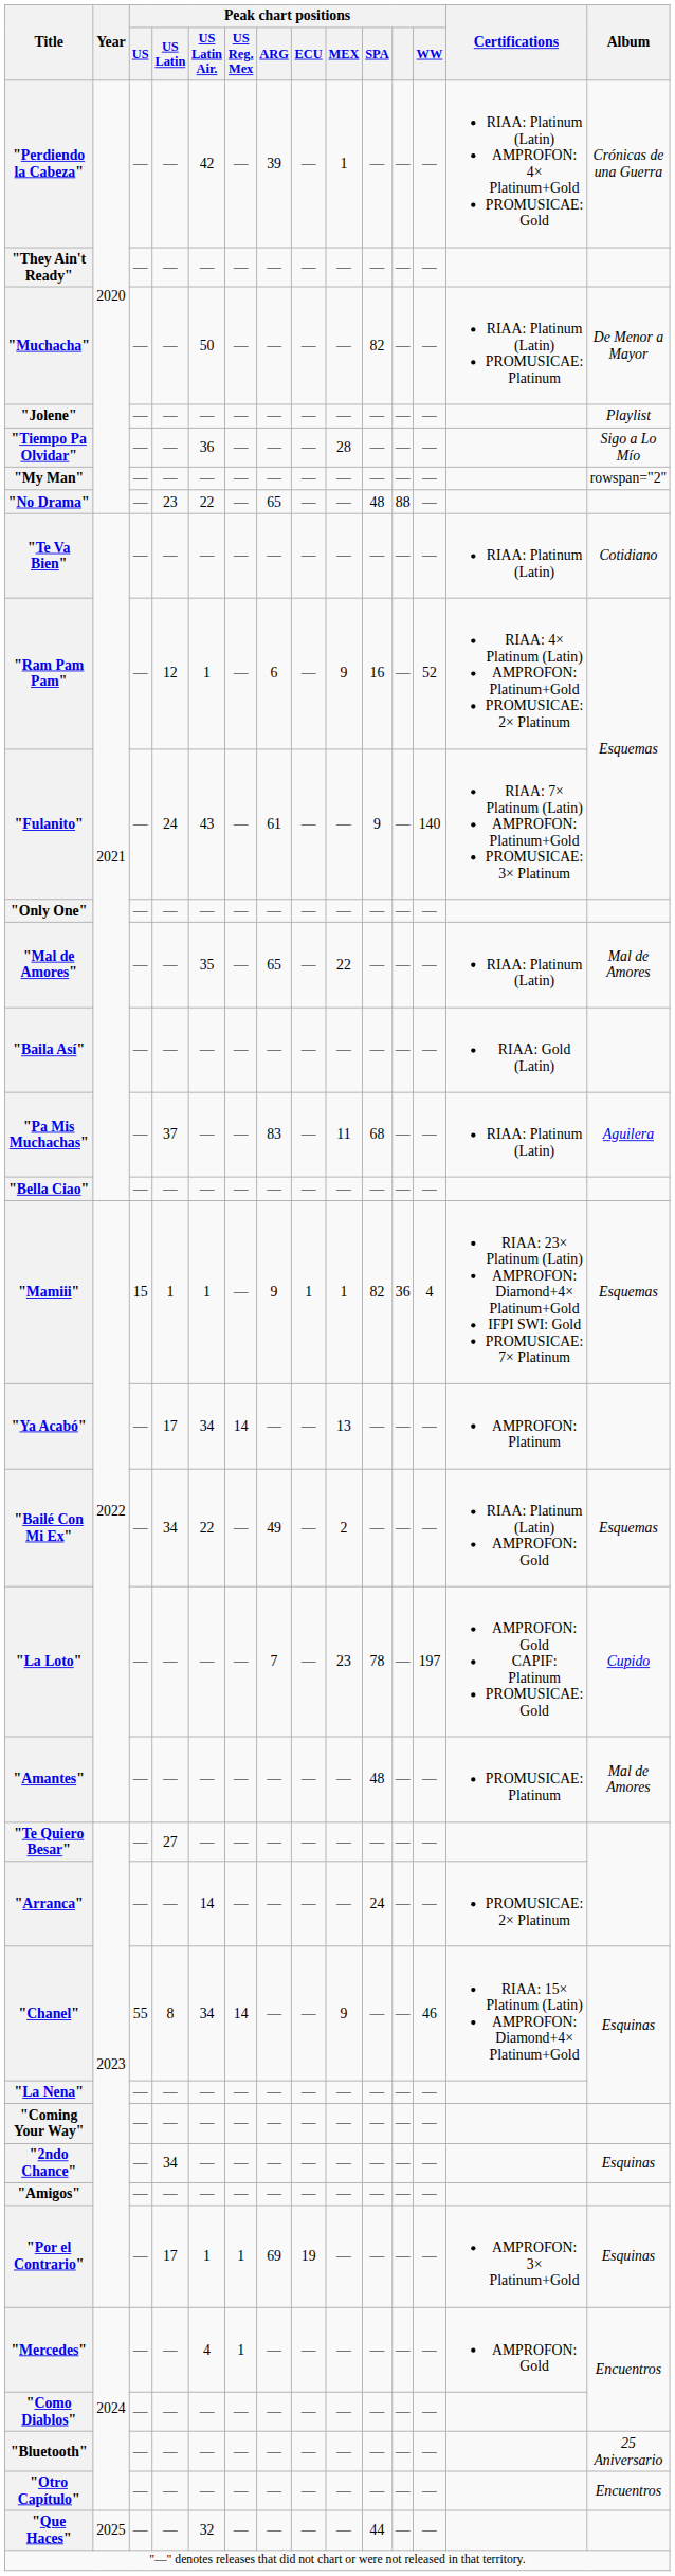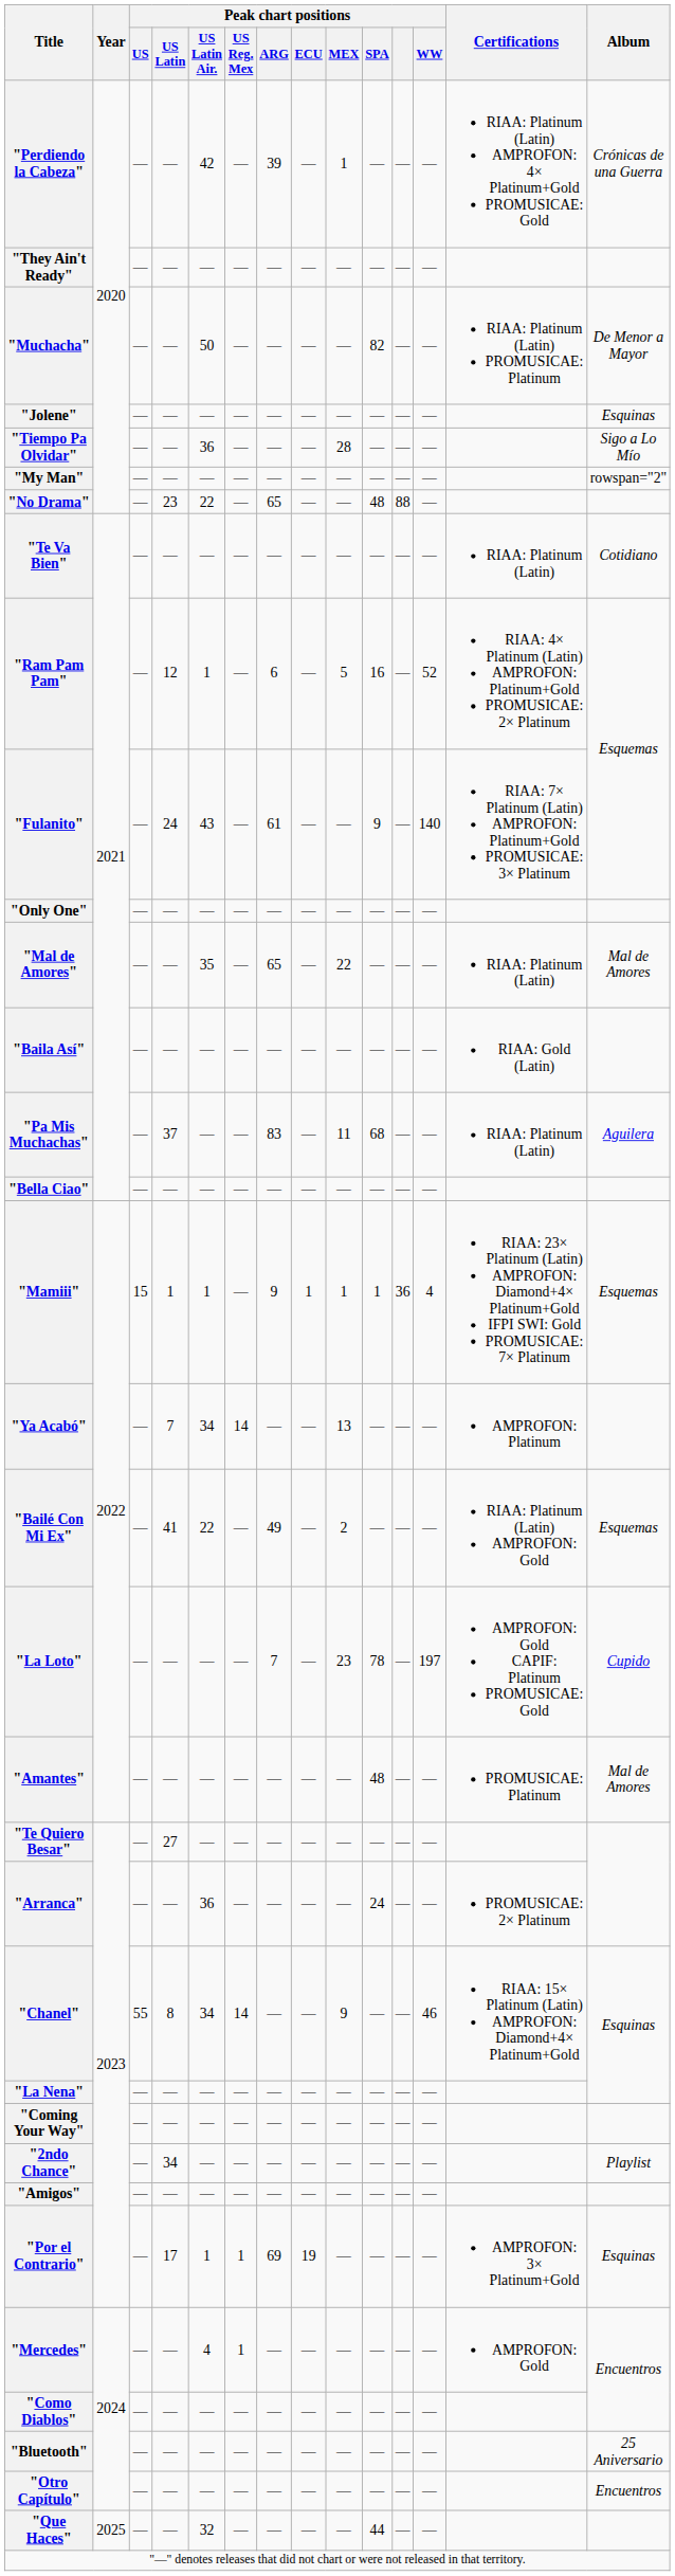 <table class="wikitable plainrowheaders" style="text-align:center;">
 <tr>
 <th scope="col" rowspan="2" style="width:16em;">Title</th>
 <th scope="col" rowspan="2" style="width:1em;">Year</th>
 <th scope="col" colspan="10">Peak chart positions</th>
 <th scope="col" rowspan="2" style="width:14em;"><a href='#'>Certifications</a></th>
 <th scope="col" rowspan="2">Album</th>
 </tr>
 <tr>
 <th scope="col" style="width:3em;font-size:90%;"><a href='#'>US</a><br></th>
 <th scope="col" style="width:3em;font-size:90%;"><a href='#'>US<br>Latin</a><br></th>
 <th scope="col" style="width:3em;font-size:90%;"><a href='#'>US<br>Latin<br>Air.</a><br></th>
 <th scope="col" style="width:3em;font-size:90%;"><a href='#'>US<br>Reg.<br>Mex</a><br></th>
 <th scope="col" style="width:3em;font-size:90%;"><a href='#'>ARG</a><br></th>
 <th scope="col" style="width:3em;font-size:90%;"><a href='#'>ECU</a><br></th>
 <th scope="col" style="width:3em;font-size:90%;"><a href='#'>MEX</a><br></th>
 <th scope="col" style="width:3em;font-size:90%;"><a href='#'>SPA</a><br></th>
 <th scope="col" style="width:3em;font-size:90%;"><a href='#'></a><br></th>
 <th scope="col" style="width:2.5em;font-size:90%;"><a href='#'>WW</a><br></th>
 </tr>
 <tr>
 <th scope="row">"<a href='#'>Perdiendo la Cabeza</a>"<br></th>
 <td rowspan="7">2020</td>
 <td>—</td>
 <td>—</td>
 <td>42</td>
 <td>—</td>
 <td>39</td>
 <td>—</td>
 <td>1</td>
 <td>—</td>
 <td>—</td>
 <td>—</td>
 <td><br><ul><li>RIAA: Platinum <span>(Latin)</span></li><li>AMPROFON: 4× Platinum+Gold</li><li>PROMUSICAE: Gold</li></ul></td>
 <td><em>Crónicas de una Guerra</em></td>
 </tr>
 <tr>
 <th scope="row">"They Ain't Ready"</th>
 <td>—</td>
 <td>—</td>
 <td>—</td>
 <td>—</td>
 <td>—</td>
 <td>—</td>
 <td>—</td>
 <td>—</td>
 <td>—</td>
 <td>—</td>
 <td></td>
 <td></td>
 </tr>
 <tr>
 <th scope="row">"<a href='#'>Muchacha</a>"<br></th>
 <td>—</td>
 <td>—</td>
 <td>50</td>
 <td>—</td>
 <td>—</td>
 <td>—</td>
 <td>—</td>
 <td>82</td>
 <td>—</td>
 <td>—</td>
 <td><br><ul><li>RIAA: Platinum <span>(Latin)</span></li><li>PROMUSICAE: Platinum</li></ul></td>
 <td><em>De Menor a Mayor</em></td>
 </tr>
 <tr>
 <th scope="row">"Jolene"<br></th>
 <td>—</td>
 <td>—</td>
 <td>—</td>
 <td>—</td>
 <td>—</td>
 <td>—</td>
 <td>—</td>
 <td>—</td>
 <td>—</td>
 <td>—</td>
 <td></td>
-<td><em>Playlist</em></td>
+<td><em>Esquinas</em></td>
 </tr>
 <tr>
 <th scope="row">"<a href='#'>Tiempo Pa Olvidar</a>"<br></th>
 <td>—</td>
 <td>—</td>
 <td>36</td>
 <td>—</td>
 <td>—</td>
 <td>—</td>
 <td>28</td>
 <td>—</td>
 <td>—</td>
 <td>—</td>
 <td></td>
 <td><em>Sigo a Lo Mío</em></td>
 </tr>
 <tr>
 <th scope="row">"My Man"</th>
 <td>—</td>
 <td>—</td>
 <td>—</td>
 <td>—</td>
 <td>—</td>
 <td>—</td>
 <td>—</td>
 <td>—</td>
 <td>—</td>
 <td>—</td>
 <td></td>
 <td>rowspan="2" </td>
 </tr>
 <tr>
 <th scope="row">"<a href='#'>No Drama</a>"<br></th>
 <td>—</td>
 <td>23</td>
 <td>22</td>
 <td>—</td>
 <td>65</td>
 <td>—</td>
 <td>—</td>
 <td>48</td>
 <td>88</td>
 <td>—</td>
 <td></td>
 </tr>
 <tr>
 <th scope="row">"<a href='#'>Te Va Bien</a>"<br></th>
 <td rowspan="8">2021</td>
 <td>—</td>
 <td>—</td>
 <td>—</td>
 <td>—</td>
 <td>—</td>
 <td>—</td>
 <td>—</td>
 <td>—</td>
 <td>—</td>
 <td>—</td>
 <td><br><ul><li>RIAA: Platinum <span>(Latin)</span></li></ul></td>
 <td><em>Cotidiano</em></td>
 </tr>
 <tr>
 <th scope="row">"<a href='#'>Ram Pam Pam</a>"<br></th>
 <td>—</td>
 <td>12</td>
 <td>1</td>
 <td>—</td>
 <td>6</td>
 <td>—</td>
-<td>9</td>
+<td>5</td>
 <td>16</td>
 <td>—</td>
 <td>52</td>
 <td><br><ul><li>RIAA: 4× Platinum <span>(Latin)</span></li><li>AMPROFON: Platinum+Gold</li><li>PROMUSICAE: 2× Platinum</li></ul></td>
 <td rowspan="2"><em>Esquemas</em></td>
 </tr>
 <tr>
 <th scope="row">"<a href='#'>Fulanito</a>"<br></th>
 <td>—</td>
 <td>24</td>
 <td>43</td>
 <td>—</td>
 <td>61</td>
 <td>—</td>
 <td>—</td>
 <td>9</td>
 <td>—</td>
 <td>140</td>
 <td><br><ul><li>RIAA: 7× Platinum <span>(Latin)</span></li><li>AMPROFON: Platinum+Gold</li><li>PROMUSICAE: 3× Platinum</li></ul></td>
 </tr>
 <tr>
 <th scope="row">"Only One"<br></th>
 <td>—</td>
 <td>—</td>
 <td>—</td>
 <td>—</td>
 <td>—</td>
 <td>—</td>
 <td>—</td>
 <td>—</td>
 <td>—</td>
 <td>—</td>
 <td></td>
 <td></td>
 </tr>
 <tr>
 <th scope="row">"<a href='#'>Mal de Amores</a>"<br></th>
 <td>—</td>
 <td>—</td>
 <td>35</td>
 <td>—</td>
 <td>65</td>
 <td>—</td>
 <td>22</td>
 <td>—</td>
 <td>—</td>
 <td>—</td>
 <td><br><ul><li>RIAA: Platinum <span>(Latin)</span></li></ul></td>
 <td><em>Mal de Amores</em></td>
 </tr>
 <tr>
 <th scope="row">"<a href='#'>Baila Así</a>"<br></th>
 <td>—</td>
 <td>—</td>
 <td>—</td>
 <td>—</td>
 <td>—</td>
 <td>—</td>
 <td>—</td>
 <td>—</td>
 <td>—</td>
 <td>—</td>
 <td><br><ul><li>RIAA: Gold <span>(Latin)</span></li></ul></td>
 <td></td>
 </tr>
 <tr>
 <th scope="row">"<a href='#'>Pa Mis Muchachas</a>"<br></th>
 <td>—</td>
 <td>37</td>
 <td>—</td>
 <td>—</td>
 <td>83</td>
 <td>—</td>
 <td>11</td>
 <td>68</td>
 <td>—</td>
 <td>—</td>
 <td><br><ul><li>RIAA: Platinum <span>(Latin)</span></li></ul></td>
 <td><em><a href='#'>Aguilera</a></em></td>
 </tr>
 <tr>
 <th scope="row">"<a href='#'>Bella Ciao</a>"</th>
 <td>—</td>
 <td>—</td>
 <td>—</td>
 <td>—</td>
 <td>—</td>
 <td>—</td>
 <td>—</td>
 <td>—</td>
 <td>—</td>
 <td>—</td>
 <td></td>
 <td></td>
 </tr>
 <tr>
 <th scope="row">"<a href='#'>Mamiii</a>"<br></th>
 <td rowspan="5">2022</td>
 <td>15</td>
 <td>1</td>
 <td>1</td>
 <td>—</td>
 <td>9</td>
 <td>1</td>
 <td>1</td>
-<td>82</td>
+<td>1</td>
 <td>36</td>
 <td>4</td>
 <td><br><ul><li>RIAA: 23× Platinum <span>(Latin)</span></li><li>AMPROFON: Diamond+4× Platinum+Gold</li><li>IFPI SWI: Gold</li><li>PROMUSICAE: 7× Platinum</li></ul></td>
 <td><em>Esquemas</em></td>
 </tr>
 <tr>
 <th scope="row">"<a href='#'>Ya Acabó</a>"<br></th>
 <td>—</td>
-<td>17</td>
+<td>7</td>
 <td>34</td>
 <td>14</td>
 <td>—</td>
 <td>—</td>
 <td>13</td>
 <td>—</td>
 <td>—</td>
 <td>—</td>
 <td><br><ul><li>AMPROFON: Platinum</li></ul></td>
 <td></td>
 </tr>
 <tr>
 <th scope="row">"<a href='#'>Bailé Con Mi Ex</a>"</th>
 <td>—</td>
-<td>34</td>
+<td>41</td>
 <td>22</td>
 <td>—</td>
 <td>49</td>
 <td>—</td>
 <td>2</td>
 <td>—</td>
 <td>—</td>
 <td>—</td>
 <td><br><ul><li>RIAA: Platinum <span>(Latin)</span></li><li>AMPROFON: Gold</li></ul></td>
 <td><em>Esquemas</em></td>
 </tr>
 <tr>
 <th scope="row">"<a href='#'>La Loto</a>"<br></th>
 <td>—</td>
 <td>—</td>
 <td>—</td>
 <td>—</td>
 <td>7</td>
 <td>—</td>
 <td>23</td>
 <td>78</td>
 <td>—</td>
 <td>197</td>
 <td><br><ul><li>AMPROFON: Gold</li><li>CAPIF: Platinum</li><li>PROMUSICAE: Gold</li></ul></td>
 <td><em><a href='#'>Cupido</a></em></td>
 </tr>
 <tr>
 <th scope="row">"<a href='#'>Amantes</a>"<br></th>
 <td>—</td>
 <td>—</td>
 <td>—</td>
 <td>—</td>
 <td>—</td>
 <td>—</td>
 <td>—</td>
 <td>48</td>
 <td>—</td>
 <td>—</td>
 <td><br><ul><li>PROMUSICAE: Platinum</li></ul></td>
 <td><em>Mal de Amores</em></td>
 </tr>
 <tr>
 <th scope="row">"<a href='#'>Te Quiero Besar</a>"<br></th>
 <td rowspan="8">2023</td>
 <td>—</td>
 <td>27</td>
 <td>—</td>
 <td>—</td>
 <td>—</td>
 <td>—</td>
 <td>—</td>
 <td>—</td>
 <td>—</td>
 <td>—</td>
 <td></td>
 </tr>
 <tr>
 <th scope="row">"<a href='#'>Arranca</a>"<br></th>
 <td>—</td>
 <td>—</td>
-<td>14</td>
+<td>36</td>
 <td>—</td>
 <td>—</td>
 <td>—</td>
 <td>—</td>
 <td>24</td>
 <td>—</td>
 <td>—</td>
 <td><br><ul><li>PROMUSICAE: 2× Platinum</li></ul></td>
 </tr>
 <tr>
 <th scope="row">"<a href='#'>Chanel</a>"<br></th>
 <td>55</td>
 <td>8</td>
 <td>34</td>
 <td>14</td>
 <td>—</td>
 <td>—</td>
 <td>9</td>
 <td>—</td>
 <td>—</td>
 <td>46</td>
 <td><br><ul><li>RIAA: 15× Platinum <span>(Latin)</span></li><li>AMPROFON: Diamond+4× Platinum+Gold</li></ul></td>
 <td rowspan="2"><em>Esquinas</em></td>
 </tr>
 <tr>
 <th scope="row">"<a href='#'>La Nena</a>"<br></th>
 <td>—</td>
 <td>—</td>
 <td>—</td>
 <td>—</td>
 <td>—</td>
 <td>—</td>
 <td>—</td>
 <td>—</td>
 <td>—</td>
 <td>—</td>
 <td></td>
 </tr>
 <tr>
 <th scope="row">"Coming Your Way"<br></th>
 <td>—</td>
 <td>—</td>
 <td>—</td>
 <td>—</td>
 <td>—</td>
 <td>—</td>
 <td>—</td>
 <td>—</td>
 <td>—</td>
 <td>—</td>
 <td></td>
 <td></td>
 </tr>
 <tr>
 <th scope="row">"<a href='#'>2ndo Chance</a>"<br></th>
 <td>—</td>
 <td>34</td>
 <td>—</td>
 <td>—</td>
 <td>—</td>
 <td>—</td>
 <td>—</td>
 <td>—</td>
 <td>—</td>
 <td>—</td>
 <td></td>
-<td><em>Esquinas</em></td>
+<td><em>Playlist</em></td>
 </tr>
 <tr>
 <th scope="row">"Amigos"<br></th>
 <td>—</td>
 <td>—</td>
 <td>—</td>
 <td>—</td>
 <td>—</td>
 <td>—</td>
 <td>—</td>
 <td>—</td>
 <td>—</td>
 <td>—</td>
 <td></td>
 <td></td>
 </tr>
 <tr>
 <th scope="row">"<a href='#'>Por el Contrario</a>"<br></th>
 <td>—</td>
 <td>17</td>
 <td>1</td>
 <td>1</td>
 <td>69</td>
 <td>19</td>
 <td>—</td>
 <td>—</td>
 <td>—</td>
 <td>—</td>
 <td><br><ul><li>AMPROFON: 3× Platinum+Gold</li></ul></td>
 <td><em>Esquinas</em></td>
 </tr>
 <tr>
 <th scope="row">"<a href='#'>Mercedes</a>"<br></th>
 <td rowspan="4">2024</td>
 <td>—</td>
 <td>—</td>
 <td>4</td>
 <td>1</td>
 <td>—</td>
 <td>—</td>
 <td>—</td>
 <td>—</td>
 <td>—</td>
 <td>—</td>
 <td><br><ul><li>AMPROFON: Gold</li></ul></td>
 <td rowspan="2"><em>Encuentros</em></td>
 </tr>
 <tr>
 <th scope="row">"<a href='#'>Como Diablos</a>"</th>
 <td>—</td>
 <td>—</td>
 <td>—</td>
 <td>—</td>
 <td>—</td>
 <td>—</td>
 <td>—</td>
 <td>—</td>
 <td>—</td>
 <td>—</td>
 <td></td>
 </tr>
 <tr>
 <th scope="row">"Bluetooth"<br></th>
 <td>—</td>
 <td>—</td>
 <td>—</td>
 <td>—</td>
 <td>—</td>
 <td>—</td>
 <td>—</td>
 <td>—</td>
 <td>—</td>
 <td>—</td>
 <td></td>
 <td><em>25 Aniversario</em></td>
 </tr>
 <tr>
 <th scope="row">"<a href='#'>Otro Capítulo</a>"</th>
 <td>—</td>
 <td>—</td>
 <td>—</td>
 <td>—</td>
 <td>—</td>
 <td>—</td>
 <td>—</td>
 <td>—</td>
 <td>—</td>
 <td>—</td>
 <td></td>
 <td><em>Encuentros</em></td>
 </tr>
 <tr>
 <th scope="row">"<a href='#'>Que Haces</a>"<br></th>
 <td rowspan="1">2025</td>
 <td>—</td>
 <td>—</td>
 <td>32</td>
 <td>—</td>
 <td>—</td>
 <td>—</td>
 <td>—</td>
 <td>44</td>
 <td>—</td>
 <td>—</td>
 <td></td>
 <td></td>
 </tr>
 <tr>
 <td colspan="14" style="text-align:center; font-size:85%;">"—" denotes releases that did not chart or were not released in that territory.</td>
 </tr>
 </table>
